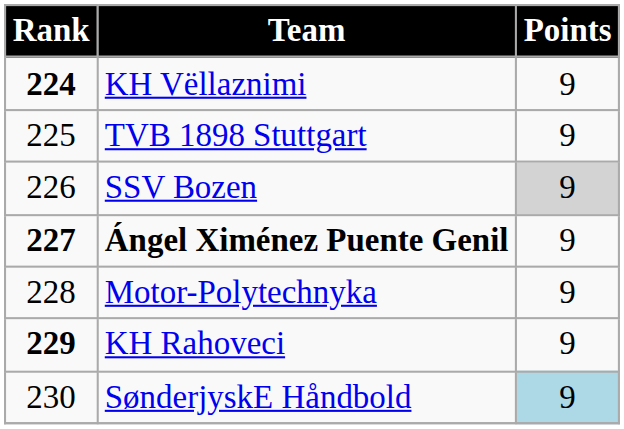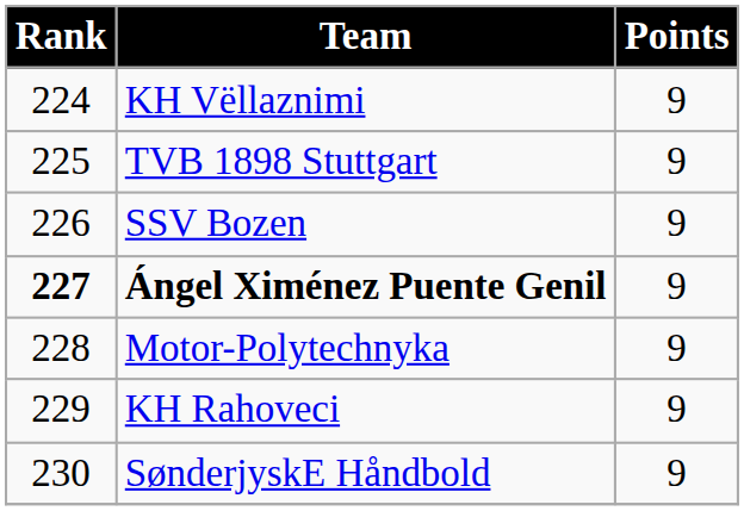 <table class="wikitable" style="text-align: center;">
 <tr>
 <th style="color:#FFFFFF; background:#000000">Rank</th>
 <th style="color:#FFFFFF; background:#000000">Team</th>
 <th style="color:#FFFFFF; background:#000000">Points</th>
 </tr>
 <tr>
-<td><strong>224</strong></td>
+<td>224</td>
 <td align=left> <a href='#'>KH Vëllaznimi</a></td>
 <td>9</td>
 </tr>
 <tr>
 <td>225</td>
 <td align=left> <a href='#'>TVB 1898 Stuttgart</a></td>
 <td>9</td>
 </tr>
 <tr>
 <td>226</td>
 <td align=left> <a href='#'>SSV Bozen</a></td>
-<td style="background: lightgrey;">9</td>
+<td>9</td>
 </tr>
 <tr>
 <td><strong>227</strong></td>
 <td align=left> <strong>Ángel Ximénez Puente Genil</strong></td>
 <td>9</td>
 </tr>
 <tr>
 <td>228</td>
 <td align=left> <a href='#'>Motor-Polytechnyka</a></td>
 <td>9</td>
 </tr>
 <tr>
-<td><strong>229</strong></td>
+<td>229</td>
 <td align=left> <a href='#'>KH Rahoveci</a></td>
 <td>9</td>
 </tr>
 <tr>
 <td>230</td>
 <td align=left> <a href='#'>SønderjyskE Håndbold</a></td>
-<td style="background: lightblue;">9</td>
+<td>9</td>
 </tr>
 <tr>
 </tr>
 </table>
